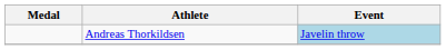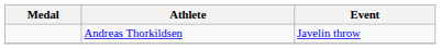 <table class="wikitable" style="font-size:90%" width=60%>
 <tr>
 <th>Medal</th>
 <th>Athlete</th>
 <th>Event</th>
 </tr>
 <tr>
 <td></td>
 <td><a href='#'>Andreas Thorkildsen</a></td>
-<td style="background: lightblue;"><a href='#'>Javelin throw</a></td>
+<td><a href='#'>Javelin throw</a></td>
 </tr>
 <tr>
 </tr>
 </table>
